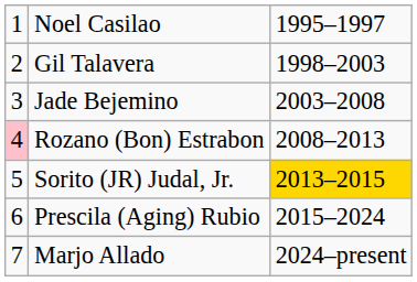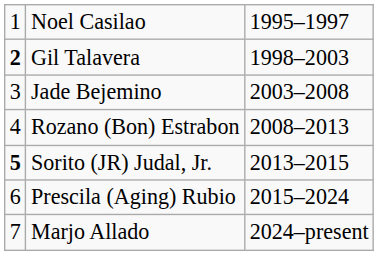 <table class=wikitable>
 <tr>
 <td>1</td>
 <td>Noel Casilao</td>
 <td>1995–1997</td>
 </tr>
 <tr>
-<td>2</td>
+<td><strong>2</strong></td>
 <td>Gil Talavera</td>
 <td>1998–2003</td>
 </tr>
 <tr>
 <td>3</td>
 <td>Jade Bejemino</td>
 <td>2003–2008</td>
 </tr>
 <tr>
-<td style="background: pink;">4</td>
+<td>4</td>
 <td>Rozano (Bon) Estrabon</td>
 <td>2008–2013</td>
 </tr>
 <tr>
-<td>5</td>
+<td><strong>5</strong></td>
 <td>Sorito (JR) Judal, Jr.</td>
-<td style="background: gold;">2013–2015</td>
+<td>2013–2015</td>
 </tr>
 <tr>
 <td>6</td>
 <td>Prescila (Aging) Rubio</td>
 <td>2015–2024</td>
 </tr>
 <tr>
 <td>7</td>
 <td>Marjo Allado</td>
 <td>2024–present</td>
 </tr>
 </table>
